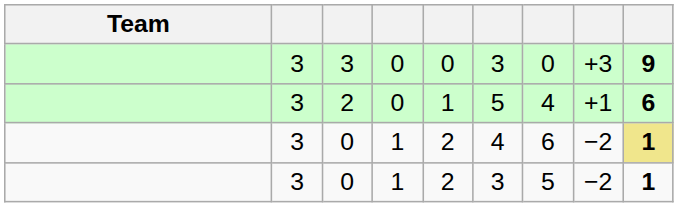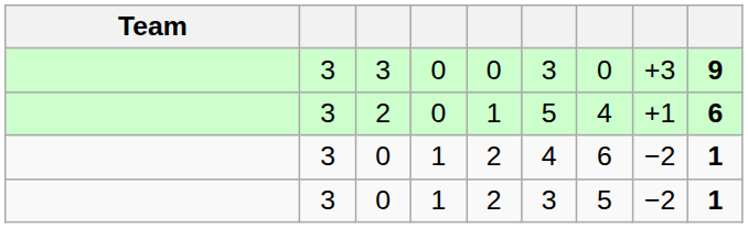 <table class="wikitable" style="text-align:center">
 <tr>
 <th width="165">Team</th>
 <th width=25></th>
 <th width=25></th>
 <th width=25></th>
 <th width=25></th>
 <th width=25></th>
 <th width=25></th>
 <th width=25></th>
 <th width=25></th>
 </tr>
 <tr bgcolor=#ccffcc>
 <td align="left"></td>
 <td>3</td>
 <td>3</td>
 <td>0</td>
 <td>0</td>
 <td>3</td>
 <td>0</td>
 <td>+3</td>
 <td><strong>9</strong></td>
 </tr>
 <tr bgcolor=#ccffcc>
 <td align="left"></td>
 <td>3</td>
 <td>2</td>
 <td>0</td>
 <td>1</td>
 <td>5</td>
 <td>4</td>
 <td>+1</td>
 <td><strong>6</strong></td>
 </tr>
 <tr>
 <td align="left"></td>
 <td>3</td>
 <td>0</td>
 <td>1</td>
 <td>2</td>
 <td>4</td>
 <td>6</td>
 <td>−2</td>
-<td style="background: khaki;"><strong>1</strong></td>
+<td><strong>1</strong></td>
 </tr>
 <tr>
 <td align="left"></td>
 <td>3</td>
 <td>0</td>
 <td>1</td>
 <td>2</td>
 <td>3</td>
 <td>5</td>
 <td>−2</td>
 <td><strong>1</strong></td>
 </tr>
 </table>
